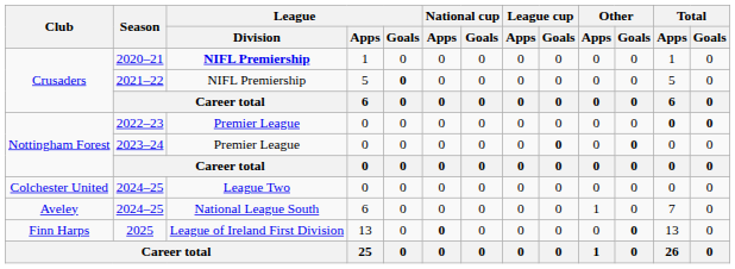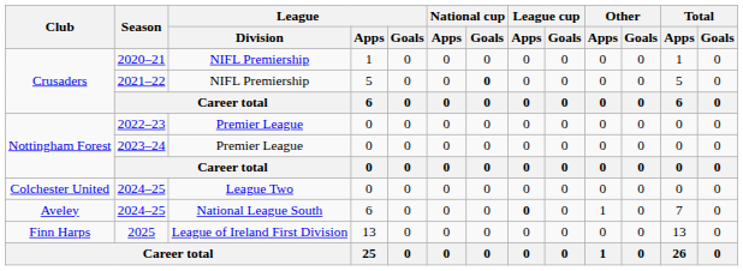 <table class=wikitable style=text-align:center>
 <tr>
 <th rowspan=2>Club</th>
 <th rowspan=2>Season</th>
 <th colspan=3>League</th>
 <th colspan=2>National cup</th>
 <th colspan=2>League cup</th>
 <th colspan=2>Other</th>
 <th colspan=2>Total</th>
 </tr>
 <tr>
 <th>Division</th>
 <th>Apps</th>
 <th>Goals</th>
 <th>Apps</th>
 <th>Goals</th>
 <th>Apps</th>
 <th>Goals</th>
 <th>Apps</th>
 <th>Goals</th>
 <th>Apps</th>
 <th>Goals</th>
 </tr>
 <tr>
 <td rowspan=3><a href='#'>Crusaders</a></td>
 <td><a href='#'>2020–21</a></td>
-<td><strong><a href='#'>NIFL Premiership</a></strong></td>
+<td><a href='#'>NIFL Premiership</a></td>
 <td>1</td>
 <td>0</td>
 <td>0</td>
 <td>0</td>
 <td>0</td>
 <td>0</td>
 <td>0</td>
 <td>0</td>
 <td>1</td>
 <td>0</td>
 </tr>
 <tr>
 <td><a href='#'>2021–22</a></td>
 <td>NIFL Premiership</td>
 <td>5</td>
-<td><strong>0</strong></td>
 <td>0</td>
 <td>0</td>
+<td><strong>0</strong></td>
 <td>0</td>
 <td>0</td>
 <td>0</td>
 <td>0</td>
 <td>5</td>
 <td>0</td>
 </tr>
 <tr>
 <th colspan="2">Career total</th>
 <th>6</th>
 <th>0</th>
 <th>0</th>
 <th>0</th>
 <th>0</th>
 <th>0</th>
 <th>0</th>
 <th>0</th>
 <th>6</th>
 <th>0</th>
 </tr>
 <tr>
 <td rowspan=3><a href='#'>Nottingham Forest</a></td>
 <td><a href='#'>2022–23</a></td>
 <td><a href='#'>Premier League</a></td>
 <td>0</td>
 <td>0</td>
 <td>0</td>
 <td>0</td>
 <td>0</td>
 <td>0</td>
 <td>0</td>
 <td>0</td>
-<td><strong>0</strong></td>
-<td><strong>0</strong></td>
+<td>0</td>
+<td>0</td>
 </tr>
 <tr>
 <td><a href='#'>2023–24</a></td>
 <td>Premier League</td>
 <td>0</td>
 <td>0</td>
 <td>0</td>
 <td>0</td>
 <td>0</td>
-<td><strong>0</strong></td>
 <td>0</td>
-<td><strong>0</strong></td>
+<td>0</td>
+<td>0</td>
 <td>0</td>
 <td>0</td>
 </tr>
 <tr>
 <th colspan="2">Career total</th>
 <th>0</th>
 <th>0</th>
 <th>0</th>
 <th>0</th>
 <th>0</th>
 <th>0</th>
 <th>0</th>
 <th>0</th>
 <th>0</th>
 <th>0</th>
 </tr>
 <tr>
 <td><a href='#'>Colchester United</a></td>
 <td><a href='#'>2024–25</a></td>
 <td><a href='#'>League Two</a></td>
 <td>0</td>
 <td>0</td>
 <td>0</td>
 <td>0</td>
 <td>0</td>
 <td>0</td>
 <td>0</td>
 <td>0</td>
 <td>0</td>
 <td>0</td>
 </tr>
 <tr>
 <td><a href='#'>Aveley</a></td>
 <td><a href='#'>2024–25</a></td>
 <td><a href='#'>National League South</a></td>
 <td>6</td>
 <td>0</td>
 <td>0</td>
 <td>0</td>
-<td>0</td>
+<td><strong>0</strong></td>
 <td>0</td>
 <td>1</td>
 <td>0</td>
 <td>7</td>
 <td>0</td>
 </tr>
 <tr>
 <td><a href='#'>Finn Harps</a></td>
 <td><a href='#'>2025</a></td>
 <td><a href='#'>League of Ireland First Division</a></td>
 <td>13</td>
 <td>0</td>
-<td><strong>0</strong></td>
 <td>0</td>
 <td>0</td>
 <td>0</td>
 <td>0</td>
-<td><strong>0</strong></td>
+<td>0</td>
+<td>0</td>
 <td>13</td>
 <td>0</td>
 </tr>
 <tr>
 <th colspan="3">Career total</th>
 <th>25</th>
 <th>0</th>
 <th>0</th>
 <th>0</th>
 <th>0</th>
 <th>0</th>
 <th>1</th>
 <th>0</th>
 <th>26</th>
 <th>0</th>
 </tr>
 </table>
